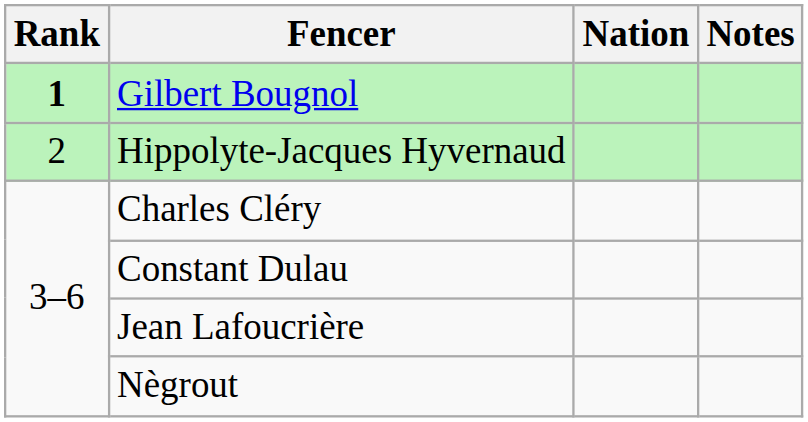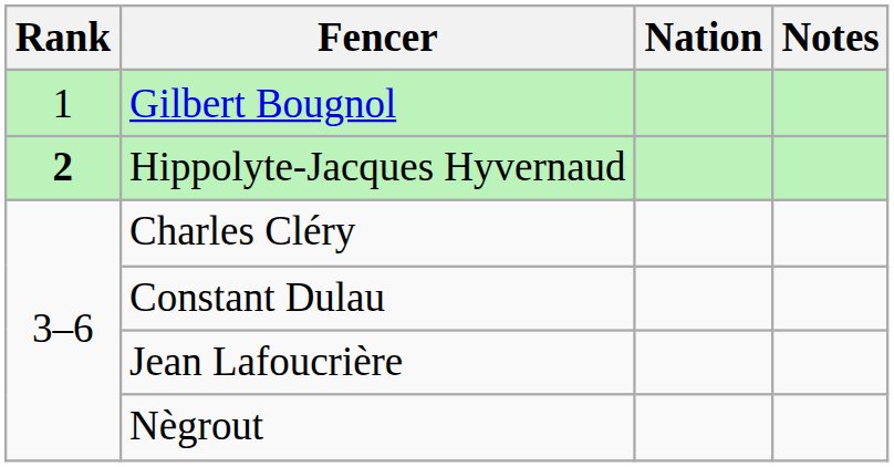 <table class="wikitable sortable" style="text-align:center">
 <tr>
 <th>Rank</th>
 <th>Fencer</th>
 <th>Nation</th>
 <th>Notes</th>
 </tr>
 <tr bgcolor=bbf3bb>
-<td><strong>1</strong></td>
+<td>1</td>
 <td align=left><a href='#'>Gilbert Bougnol</a></td>
 <td align=left></td>
 <td></td>
 </tr>
 <tr bgcolor=bbf3bb>
-<td>2</td>
+<td><strong>2</strong></td>
 <td align=left>Hippolyte-Jacques Hyvernaud</td>
 <td align=left></td>
 <td></td>
 </tr>
 <tr>
 <td rowspan=4>3–6</td>
 <td align=left>Charles Cléry</td>
 <td align=left></td>
 <td></td>
 </tr>
 <tr>
 <td align=left>Constant Dulau</td>
 <td align=left></td>
 <td></td>
 </tr>
 <tr>
 <td align=left>Jean Lafoucrière</td>
 <td align=left></td>
 <td></td>
 </tr>
 <tr>
 <td align=left>Nègrout</td>
 <td align=left></td>
 <td></td>
 </tr>
 </table>
